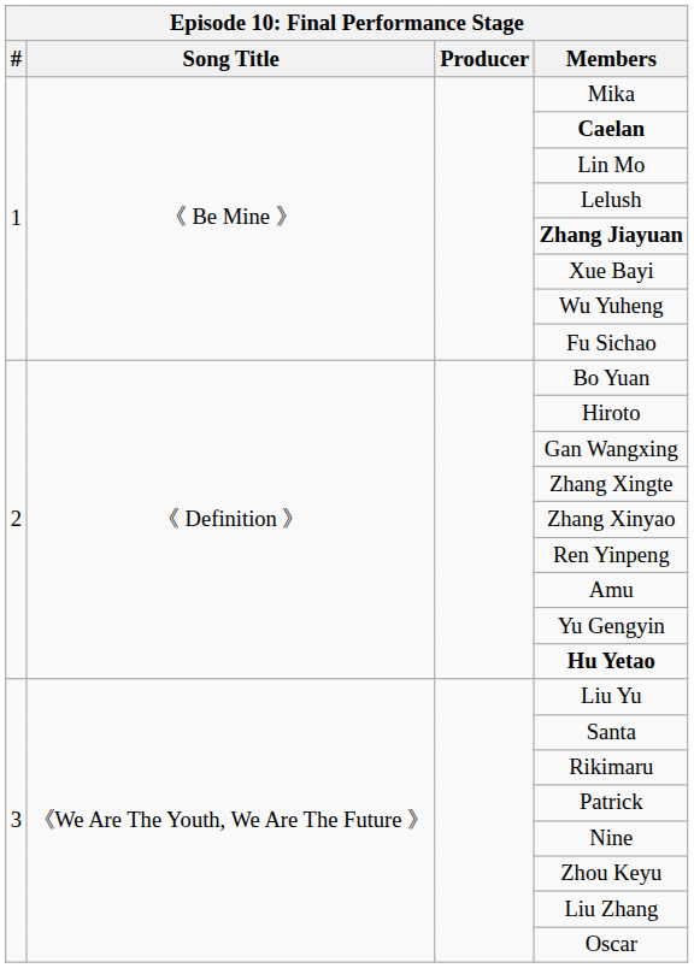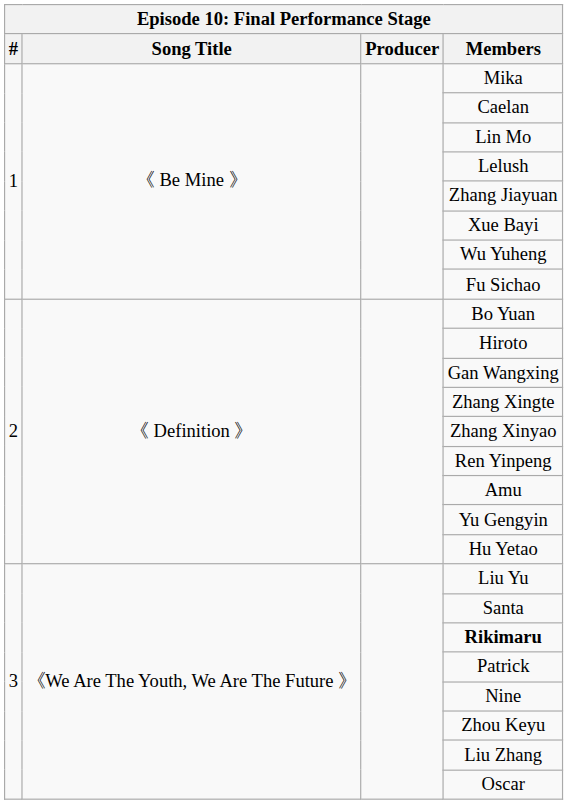 <table class="wikitable" style="text-align:center;">
 <tr>
 <th colspan="4">Episode 10: Final Performance Stage</th>
 </tr>
 <tr>
 <th>#</th>
 <th>Song Title</th>
 <th>Producer</th>
 <th>Members</th>
 </tr>
 <tr>
 <td rowspan="8">1</td>
 <td rowspan="8">《 Be Mine 》</td>
 <td rowspan="8"></td>
 <td>Mika</td>
 </tr>
 <tr>
-<td><strong>Caelan</strong></td>
+<td>Caelan</td>
 </tr>
 <tr>
 <td>Lin Mo</td>
 </tr>
 <tr>
 <td>Lelush</td>
 </tr>
 <tr>
-<td><strong>Zhang Jiayuan</strong></td>
+<td>Zhang Jiayuan</td>
 </tr>
 <tr>
 <td>Xue Bayi</td>
 </tr>
 <tr>
 <td>Wu Yuheng</td>
 </tr>
 <tr>
 <td>Fu Sichao</td>
 </tr>
 <tr>
 <td rowspan="9">2</td>
 <td rowspan="9">《 Definition 》</td>
 <td rowspan="9"></td>
 <td>Bo Yuan</td>
 </tr>
 <tr>
 <td>Hiroto</td>
 </tr>
 <tr>
 <td>Gan Wangxing</td>
 </tr>
 <tr>
 <td>Zhang Xingte</td>
 </tr>
 <tr>
 <td>Zhang Xinyao</td>
 </tr>
 <tr>
 <td>Ren Yinpeng</td>
 </tr>
 <tr>
 <td>Amu</td>
 </tr>
 <tr>
 <td>Yu Gengyin</td>
 </tr>
 <tr>
-<td><strong>Hu Yetao</strong></td>
+<td>Hu Yetao</td>
 </tr>
 <tr>
 <td rowspan="8">3</td>
 <td rowspan="8">《We Are The Youth, We Are The Future 》</td>
 <td rowspan="8"></td>
 <td>Liu Yu</td>
 </tr>
 <tr>
 <td>Santa</td>
 </tr>
 <tr>
-<td>Rikimaru</td>
+<td><strong>Rikimaru</strong></td>
 </tr>
 <tr>
 <td>Patrick</td>
 </tr>
 <tr>
 <td>Nine</td>
 </tr>
 <tr>
 <td>Zhou Keyu</td>
 </tr>
 <tr>
 <td>Liu Zhang</td>
 </tr>
 <tr>
 <td>Oscar</td>
 </tr>
 </table>
